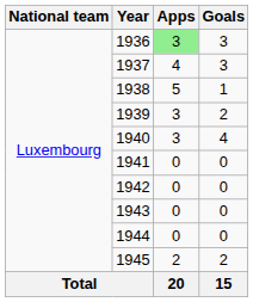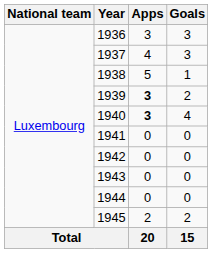 <table class="wikitable" style="text-align:center">
 <tr>
 <th>National team</th>
 <th>Year</th>
 <th>Apps</th>
 <th>Goals</th>
 </tr>
 <tr>
 <td rowspan="10"><a href='#'>Luxembourg</a></td>
 <td>1936</td>
-<td style="background: lightgreen;">3</td>
+<td>3</td>
 <td>3</td>
 </tr>
 <tr>
 <td>1937</td>
 <td>4</td>
 <td>3</td>
 </tr>
 <tr>
 <td>1938</td>
 <td>5</td>
 <td>1</td>
 </tr>
 <tr>
 <td>1939</td>
-<td>3</td>
+<td><strong>3</strong></td>
 <td>2</td>
 </tr>
 <tr>
 <td>1940</td>
-<td>3</td>
+<td><strong>3</strong></td>
 <td>4</td>
 </tr>
 <tr>
 <td>1941</td>
 <td>0</td>
 <td>0</td>
 </tr>
 <tr>
 <td>1942</td>
 <td>0</td>
 <td>0</td>
 </tr>
 <tr>
 <td>1943</td>
 <td>0</td>
 <td>0</td>
 </tr>
 <tr>
 <td>1944</td>
 <td>0</td>
 <td>0</td>
 </tr>
 <tr>
 <td>1945</td>
 <td>2</td>
 <td>2</td>
 </tr>
 <tr>
 <th colspan=2>Total</th>
 <th>20</th>
 <th>15</th>
 </tr>
 </table>
